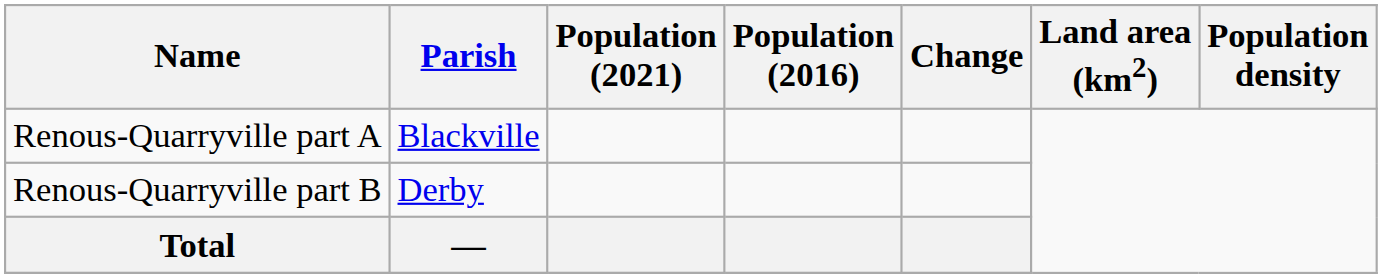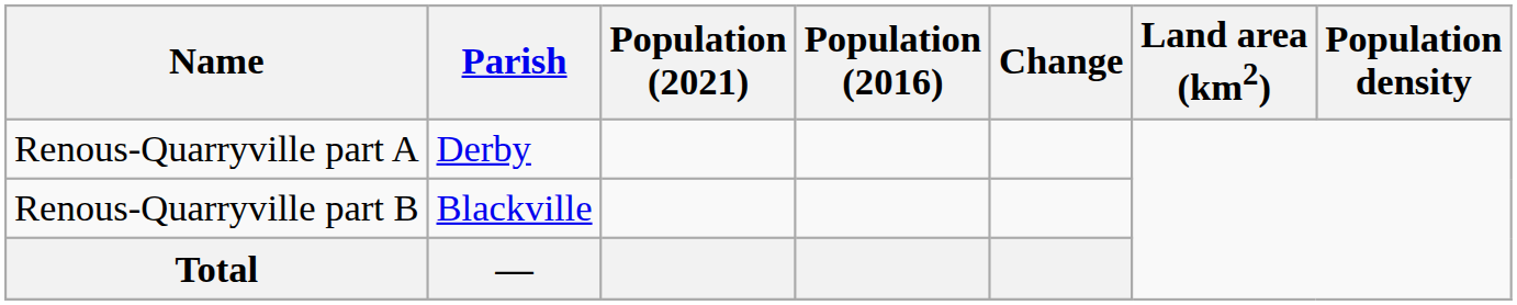 <table class="wikitable sortable collapsible">
 <tr>
 <th scope="col">Name</th>
 <th scope="col"><a href='#'>Parish</a></th>
 <th scope="col">Population<br>(2021)</th>
 <th scope="col">Population<br>(2016)</th>
 <th scope="col">Change</th>
 <th scope="col">Land area<br>(km<sup>2</sup>)</th>
 <th scope="col">Population<br>density</th>
 </tr>
 <tr>
 <td scope="row">Renous-Quarryville part A</td>
-<td><a href='#'>Blackville</a></td>
+<td><a href='#'>Derby</a></td>
 <td></td>
 <td align=center></td>
 <td align=center></td>
 </tr>
 <tr>
 <td scope="row">Renous-Quarryville part B</td>
-<td><a href='#'>Derby</a></td>
+<td><a href='#'>Blackville</a></td>
 <td></td>
 <td align=center></td>
 <td align=center></td>
 </tr>
 <tr class="sortbottom" align="center" style="background: #f2f2f2;">
 <td><strong>Total</strong></td>
 <td align=center><strong>—</strong></td>
 <td></td>
 <td align=center><strong></strong></td>
 <td><strong></strong></td>
 </tr>
 <tr>
 </tr>
 </table>
